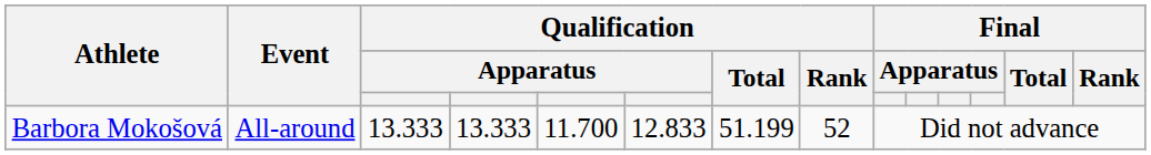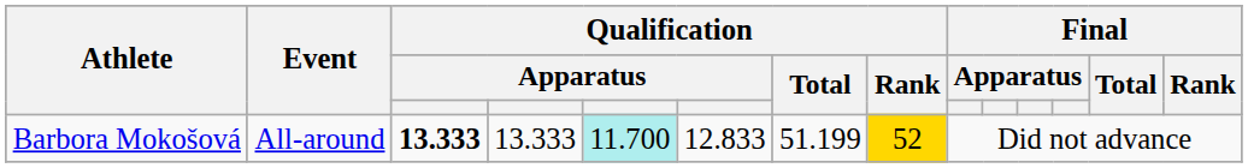 <table class="wikitable" style="font-size:90%">
 <tr>
 <th rowspan=3>Athlete</th>
 <th rowspan=3>Event</th>
 <th colspan=6>Qualification</th>
 <th colspan=6>Final</th>
 </tr>
 <tr style="font-size:95%">
 <th colspan=4>Apparatus</th>
 <th rowspan=2>Total</th>
 <th rowspan=2>Rank</th>
 <th colspan=4>Apparatus</th>
 <th rowspan=2>Total</th>
 <th rowspan=2>Rank</th>
 </tr>
 <tr style="font-size:95%">
 <th></th>
 <th></th>
 <th></th>
 <th></th>
 <th></th>
 <th></th>
 <th></th>
 <th></th>
 </tr>
 <tr align=center>
 <td align=left><a href='#'>Barbora Mokošová</a></td>
 <td align=left><a href='#'>All-around</a></td>
+<td><strong>13.333</strong></td>
 <td>13.333</td>
-<td>13.333</td>
-<td>11.700</td>
+<td style="background: paleturquoise;">11.700</td>
 <td>12.833</td>
 <td>51.199</td>
-<td>52</td>
+<td style="background: gold;">52</td>
 <td colspan="6">Did not advance</td>
 </tr>
 </table>
